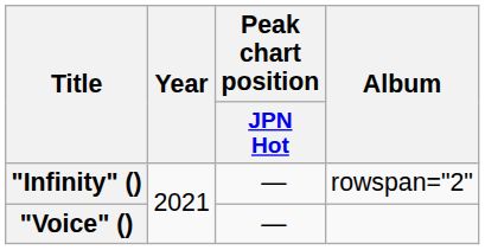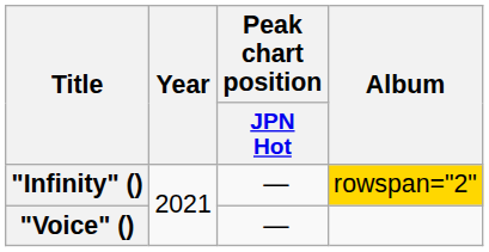 <table class="wikitable plainrowheaders" style="text-align:center">
 <tr>
 <th rowspan="2" scope="col">Title</th>
 <th rowspan="2" scope="col">Year</th>
 <th>Peak chart position</th>
 <th rowspan="2" scope="col">Album</th>
 </tr>
 <tr>
 <th scope="col" style="width:3em;font-size:90%;"><a href='#'>JPN<br>Hot</a></th>
 </tr>
 <tr>
 <th scope="row">"Infinity" ()<br></th>
 <td rowspan="2">2021</td>
 <td> —</td>
-<td>rowspan="2" </td>
+<td style="background: gold;">rowspan="2" </td>
 </tr>
 <tr>
 <th scope="row">"Voice" ()<br></th>
 <td> —</td>
 </tr>
 </table>
